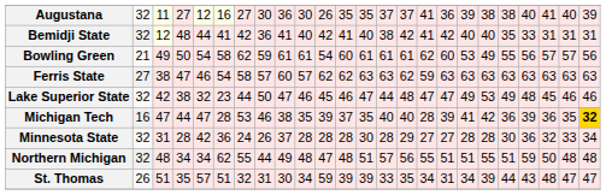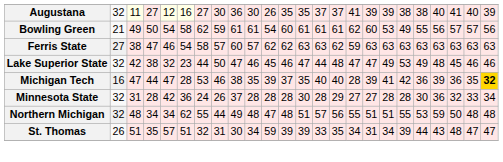 <table class="wikitable sortable" style="text-align: center;">
 <tr>
 </tr>
 <tr>
 <th>Augustana</th>
 <td>32</td>
 <td bgcolor=FFFFE6>11</td>
 <td bgcolor=FFE6E6>27</td>
 <td bgcolor=FFFFE6>12</td>
 <td bgcolor=FFFFE6>16</td>
 <td bgcolor=FFE6E6>27</td>
 <td bgcolor=FFE6E6>30</td>
 <td bgcolor=FFE6E6>36</td>
 <td bgcolor=FFE6E6>30</td>
 <td bgcolor=FFE6E6>26</td>
 <td bgcolor=FFE6E6>35</td>
 <td bgcolor=FFE6E6>35</td>
 <td bgcolor=FFE6E6>37</td>
 <td bgcolor=FFE6E6>37</td>
 <td bgcolor=FFE6E6>41</td>
-<td bgcolor=FFE6E6>36</td>
+<td bgcolor=FFE6E6>39</td>
 <td bgcolor=FFE6E6>39</td>
 <td bgcolor=FFE6E6>38</td>
 <td bgcolor=FFE6E6>38</td>
 <td bgcolor=FFE6E6>40</td>
 <td bgcolor=FFE6E6>41</td>
 <td bgcolor=FFE6E6>40</td>
 <td bgcolor=FFE6E6>39</td>
-</tr>
-<tr bgcolor=f0f0f0>
-<th>Bemidji State</th>
-<td>32</td>
-<td bgcolor=FFFFE6>12</td>
-<td bgcolor=FFE6E6>48</td>
-<td bgcolor=FFE6E6>44</td>
-<td bgcolor=FFE6E6>41</td>
-<td bgcolor=FFE6E6>42</td>
-<td bgcolor=FFE6E6>36</td>
-<td bgcolor=FFE6E6>41</td>
-<td bgcolor=FFE6E6>40</td>
-<td bgcolor=FFE6E6>42</td>
-<td bgcolor=FFE6E6>41</td>
-<td bgcolor=FFE6E6>40</td>
-<td bgcolor=FFE6E6>38</td>
-<td bgcolor=FFE6E6>42</td>
-<td bgcolor=FFE6E6>41</td>
-<td bgcolor=FFE6E6>42</td>
-<td bgcolor=FFE6E6>40</td>
-<td bgcolor=FFE6E6>40</td>
-<td bgcolor=FFE6E6>35</td>
-<td bgcolor=FFE6E6>33</td>
-<td bgcolor=FFE6E6>31</td>
-<td bgcolor=FFE6E6>31</td>
-<td bgcolor=FFE6E6>31</td>
 </tr>
 <tr>
 <th>Bowling Green</th>
 <td>21</td>
 <td bgcolor=FFE6E6>49</td>
 <td bgcolor=FFE6E6>50</td>
 <td bgcolor=FFE6E6>54</td>
 <td bgcolor=FFE6E6>58</td>
 <td bgcolor=FFE6E6>62</td>
 <td bgcolor=FFE6E6>59</td>
 <td bgcolor=FFE6E6>61</td>
 <td bgcolor=FFE6E6>61</td>
 <td bgcolor=FFE6E6>54</td>
 <td bgcolor=FFE6E6>60</td>
 <td bgcolor=FFE6E6>61</td>
 <td bgcolor=FFE6E6>61</td>
 <td bgcolor=FFE6E6>61</td>
 <td bgcolor=FFE6E6>62</td>
 <td bgcolor=FFE6E6>60</td>
 <td bgcolor=FFE6E6>53</td>
 <td bgcolor=FFE6E6>49</td>
 <td bgcolor=FFE6E6>55</td>
 <td bgcolor=FFE6E6>56</td>
 <td bgcolor=FFE6E6>57</td>
 <td bgcolor=FFE6E6>57</td>
 <td bgcolor=FFE6E6>56</td>
 </tr>
 <tr bgcolor=f0f0f0>
 <th>Ferris State</th>
 <td>27</td>
 <td bgcolor=FFE6E6>38</td>
 <td bgcolor=FFE6E6>47</td>
 <td bgcolor=FFE6E6>46</td>
 <td bgcolor=FFE6E6>54</td>
 <td bgcolor=FFE6E6>58</td>
 <td bgcolor=FFE6E6>57</td>
 <td bgcolor=FFE6E6>60</td>
 <td bgcolor=FFE6E6>57</td>
 <td bgcolor=FFE6E6>62</td>
 <td bgcolor=FFE6E6>62</td>
 <td bgcolor=FFE6E6>63</td>
 <td bgcolor=FFE6E6>63</td>
 <td bgcolor=FFE6E6>62</td>
 <td bgcolor=FFE6E6>59</td>
 <td bgcolor=FFE6E6>63</td>
 <td bgcolor=FFE6E6>63</td>
 <td bgcolor=FFE6E6>63</td>
 <td bgcolor=FFE6E6>63</td>
 <td bgcolor=FFE6E6>63</td>
 <td bgcolor=FFE6E6>63</td>
 <td bgcolor=FFE6E6>63</td>
 <td bgcolor=FFE6E6>63</td>
 </tr>
 <tr>
 <th>Lake Superior State</th>
 <td>32</td>
 <td bgcolor=FFE6E6>42</td>
 <td bgcolor=FFE6E6>38</td>
 <td bgcolor=FFE6E6>32</td>
 <td bgcolor=FFE6E6>23</td>
 <td bgcolor=FFE6E6>44</td>
 <td bgcolor=FFE6E6>50</td>
 <td bgcolor=FFE6E6>47</td>
 <td bgcolor=FFE6E6>46</td>
 <td bgcolor=FFE6E6>45</td>
 <td bgcolor=FFE6E6>46</td>
 <td bgcolor=FFE6E6>47</td>
 <td bgcolor=FFE6E6>44</td>
 <td bgcolor=FFE6E6>48</td>
 <td bgcolor=FFE6E6>47</td>
 <td bgcolor=FFE6E6>47</td>
 <td bgcolor=FFE6E6>49</td>
 <td bgcolor=FFE6E6>53</td>
 <td bgcolor=FFE6E6>49</td>
 <td bgcolor=FFE6E6>48</td>
 <td bgcolor=FFE6E6>45</td>
 <td bgcolor=FFE6E6>46</td>
 <td bgcolor=FFE6E6>46</td>
 </tr>
 <tr bgcolor=f0f0f0>
 <th>Michigan Tech</th>
 <td>16</td>
 <td bgcolor=FFE6E6>47</td>
 <td bgcolor=FFE6E6>44</td>
 <td bgcolor=FFE6E6>47</td>
 <td bgcolor=FFE6E6>28</td>
 <td bgcolor=FFE6E6>53</td>
 <td bgcolor=FFE6E6>46</td>
 <td bgcolor=FFE6E6>38</td>
 <td bgcolor=FFE6E6>35</td>
 <td bgcolor=FFE6E6>39</td>
 <td bgcolor=FFE6E6>37</td>
 <td bgcolor=FFE6E6>35</td>
 <td bgcolor=FFE6E6>40</td>
 <td bgcolor=FFE6E6>40</td>
 <td bgcolor=FFE6E6>28</td>
 <td bgcolor=FFE6E6>39</td>
 <td bgcolor=FFE6E6>41</td>
 <td bgcolor=FFE6E6>42</td>
 <td bgcolor=FFE6E6>36</td>
 <td bgcolor=FFE6E6>39</td>
 <td bgcolor=FFE6E6>36</td>
 <td bgcolor=FFE6E6>35</td>
 <td bgcolor=gold><strong>32</strong></td>
 </tr>
 <tr>
 <th>Minnesota State</th>
 <td>32</td>
 <td bgcolor=FFE6E6>31</td>
 <td bgcolor=FFE6E6>28</td>
 <td bgcolor=FFE6E6>42</td>
 <td bgcolor=FFE6E6>36</td>
 <td bgcolor=FFE6E6>24</td>
 <td bgcolor=FFE6E6>26</td>
 <td bgcolor=FFE6E6>37</td>
 <td bgcolor=FFE6E6>28</td>
 <td bgcolor=FFE6E6>28</td>
 <td bgcolor=FFE6E6>28</td>
 <td bgcolor=FFE6E6>30</td>
 <td bgcolor=FFE6E6>28</td>
 <td bgcolor=FFE6E6>29</td>
 <td bgcolor=FFE6E6>27</td>
 <td bgcolor=FFE6E6>27</td>
 <td bgcolor=FFE6E6>28</td>
 <td bgcolor=FFE6E6>28</td>
 <td bgcolor=FFE6E6>30</td>
 <td bgcolor=FFE6E6>36</td>
 <td bgcolor=FFE6E6>32</td>
 <td bgcolor=FFE6E6>33</td>
 <td bgcolor=FFE6E6>34</td>
 </tr>
 <tr bgcolor=f0f0f0>
 <th>Northern Michigan</th>
 <td>32</td>
 <td bgcolor=FFE6E6>48</td>
 <td bgcolor=FFE6E6>34</td>
 <td bgcolor=FFE6E6>34</td>
 <td bgcolor=FFE6E6>62</td>
 <td bgcolor=FFE6E6>55</td>
 <td bgcolor=FFE6E6>44</td>
 <td bgcolor=FFE6E6>49</td>
 <td bgcolor=FFE6E6>48</td>
 <td bgcolor=FFE6E6>47</td>
 <td bgcolor=FFE6E6>48</td>
 <td bgcolor=FFE6E6>51</td>
 <td bgcolor=FFE6E6>57</td>
 <td bgcolor=FFE6E6>56</td>
 <td bgcolor=FFE6E6>55</td>
 <td bgcolor=FFE6E6>51</td>
 <td bgcolor=FFE6E6>51</td>
 <td bgcolor=FFE6E6>55</td>
-<td bgcolor=FFE6E6>51</td>
+<td bgcolor=FFE6E6>53</td>
 <td bgcolor=FFE6E6>59</td>
 <td bgcolor=FFE6E6>50</td>
 <td bgcolor=FFE6E6>48</td>
 <td bgcolor=FFE6E6>48</td>
 </tr>
 <tr>
 <th>St. Thomas</th>
 <td>26</td>
 <td bgcolor=FFE6E6>51</td>
 <td bgcolor=FFE6E6>35</td>
 <td bgcolor=FFE6E6>57</td>
 <td bgcolor=FFE6E6>51</td>
 <td bgcolor=FFE6E6>32</td>
 <td bgcolor=FFE6E6>31</td>
 <td bgcolor=FFE6E6>30</td>
 <td bgcolor=FFE6E6>34</td>
 <td bgcolor=FFE6E6>59</td>
 <td bgcolor=FFE6E6>39</td>
 <td bgcolor=FFE6E6>39</td>
 <td bgcolor=FFE6E6>33</td>
 <td bgcolor=FFE6E6>35</td>
 <td bgcolor=FFE6E6>34</td>
 <td bgcolor=FFE6E6>31</td>
 <td bgcolor=FFE6E6>34</td>
 <td bgcolor=FFE6E6>39</td>
 <td bgcolor=FFE6E6>44</td>
 <td bgcolor=FFE6E6>43</td>
 <td bgcolor=FFE6E6>48</td>
 <td bgcolor=FFE6E6>47</td>
 <td bgcolor=FFE6E6>47</td>
 </tr>
 <tr>
 </tr>
 </table>
